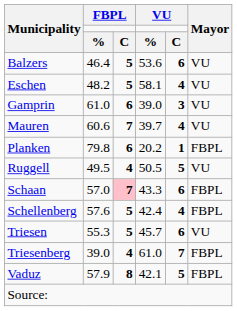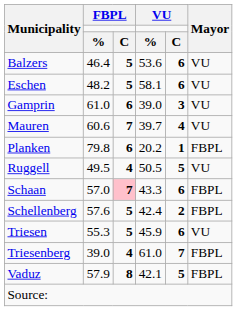 <table class="wikitable">
 <tr>
 <th rowspan="3">Municipality</th>
 <th colspan="2"><a href='#'>FBPL</a></th>
 <th colspan="2"><a href='#'>VU</a></th>
 <th rowspan="3" colspan="2">Mayor</th>
 </tr>
 <tr>
 <td colspan="2"></td>
 <td colspan="2"></td>
 </tr>
 <tr>
 <th width=25>%</th>
 <th width=20>C</th>
 <th width=25>%</th>
 <th width=20>C</th>
 </tr>
 <tr>
 <td><a href='#'>Balzers</a></td>
 <td style="text-align: right;">46.4</td>
 <td style="text-align: right; font-weight: bold;">5</td>
 <td style="text-align: right;">53.6</td>
 <td style="text-align: right; font-weight: bold;">6</td>
 <td>VU</td>
 </tr>
 <tr>
 <td><a href='#'>Eschen</a></td>
 <td style="text-align: right;">48.2</td>
 <td style="text-align: right; font-weight: bold;">5</td>
 <td style="text-align: right;">58.1</td>
-<td style="text-align: right; font-weight: bold;">4</td>
+<td style="text-align: right; font-weight: bold;">6</td>
 <td>VU</td>
 </tr>
 <tr>
 <td><a href='#'>Gamprin</a></td>
 <td style="text-align: right;">61.0</td>
 <td style="text-align: right; font-weight: bold;">6</td>
 <td style="text-align: right;">39.0</td>
 <td style="text-align: right; font-weight: bold;">3</td>
 <td>VU</td>
 </tr>
 <tr>
 <td><a href='#'>Mauren</a></td>
 <td style="text-align: right;">60.6</td>
 <td style="text-align: right; font-weight: bold;">7</td>
 <td style="text-align: right;">39.7</td>
 <td style="text-align: right; font-weight: bold;">4</td>
 <td>VU</td>
 </tr>
 <tr>
 <td><a href='#'>Planken</a></td>
 <td style="text-align: right;">79.8</td>
 <td style="text-align: right; font-weight: bold;">6</td>
 <td style="text-align: right;">20.2</td>
 <td style="text-align: right; font-weight: bold;">1</td>
 <td>FBPL</td>
 </tr>
 <tr>
 <td><a href='#'>Ruggell</a></td>
 <td style="text-align: right;">49.5</td>
 <td style="text-align: right; font-weight: bold;">4</td>
 <td style="text-align: right;">50.5</td>
 <td style="text-align: right; font-weight: bold;">5</td>
 <td>VU</td>
 </tr>
 <tr>
 <td><a href='#'>Schaan</a></td>
 <td style="text-align: right;">57.0</td>
 <td style="background: pink; text-align: right; font-weight: bold;">7</td>
 <td style="text-align: right;">43.3</td>
 <td style="text-align: right; font-weight: bold;">6</td>
 <td>FBPL</td>
 </tr>
 <tr>
 <td><a href='#'>Schellenberg</a></td>
 <td style="text-align: right;">57.6</td>
 <td style="text-align: right; font-weight: bold;">5</td>
 <td style="text-align: right;">42.4</td>
-<td style="text-align: right; font-weight: bold;">4</td>
+<td style="text-align: right; font-weight: bold;">2</td>
 <td>FBPL</td>
 </tr>
 <tr>
 <td><a href='#'>Triesen</a></td>
 <td style="text-align: right;">55.3</td>
 <td style="text-align: right; font-weight: bold;">5</td>
-<td style="text-align: right;">45.7</td>
+<td style="text-align: right;">45.9</td>
 <td style="text-align: right; font-weight: bold;">6</td>
 <td>VU</td>
 </tr>
 <tr>
 <td><a href='#'>Triesenberg</a></td>
 <td style="text-align: right;">39.0</td>
 <td style="text-align: right; font-weight: bold;">4</td>
 <td style="text-align: right;">61.0</td>
 <td style="text-align: right; font-weight: bold;">7</td>
 <td>FBPL</td>
 </tr>
 <tr>
 <td><a href='#'>Vaduz</a></td>
 <td style="text-align: right;">57.9</td>
 <td style="text-align: right; font-weight: bold;">8</td>
 <td style="text-align: right;">42.1</td>
 <td style="text-align: right; font-weight: bold;">5</td>
 <td>FBPL</td>
 </tr>
 <tr>
 <td align=left colspan=12>Source: </td>
 </tr>
 </table>
